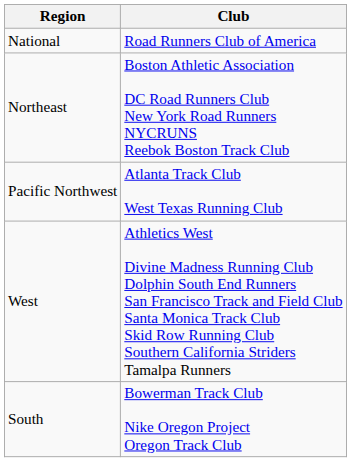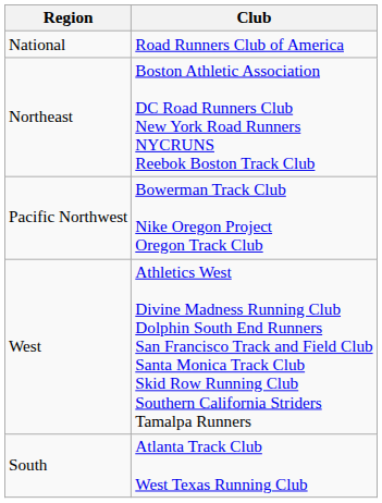 <table class="wikitable style=" textalign:center;"}>
 <tr>
 <th>Region</th>
 <th>Club</th>
 </tr>
 <tr>
 <td>National</td>
 <td><a href='#'>Road Runners Club of America</a></td>
 </tr>
 <tr>
 <td>Northeast</td>
 <td><a href='#'>Boston Athletic Association</a><br><br><a href='#'>DC Road Runners Club</a><br> <a href='#'>New York Road Runners</a><br> <a href='#'>NYCRUNS</a><br> <a href='#'>Reebok Boston Track Club</a></td>
 </tr>
 <tr>
 <td>Pacific Northwest</td>
-<td><a href='#'>Atlanta Track Club</a><br><br><a href='#'>West Texas Running Club</a><br> </td>
+<td><a href='#'>Bowerman Track Club</a><br><br><a href='#'>Nike Oregon Project</a><br> <a href='#'>Oregon Track Club</a><br></td>
 </tr>
 <tr>
 <td>West</td>
 <td><a href='#'>Athletics West</a><br><br><a href='#'>Divine Madness Running Club</a><br> <a href='#'>Dolphin South End Runners</a><br> <a href='#'>San Francisco Track and Field Club</a><br> <a href='#'>Santa Monica Track Club</a><br> <a href='#'>Skid Row Running Club</a><br> <a href='#'>Southern California Striders</a><br> Tamalpa Runners</td>
 </tr>
 <tr>
 <td>South</td>
-<td><a href='#'>Bowerman Track Club</a><br><br><a href='#'>Nike Oregon Project</a><br> <a href='#'>Oregon Track Club</a><br></td>
+<td><a href='#'>Atlanta Track Club</a><br><br><a href='#'>West Texas Running Club</a><br> </td>
 </tr>
 </table>
